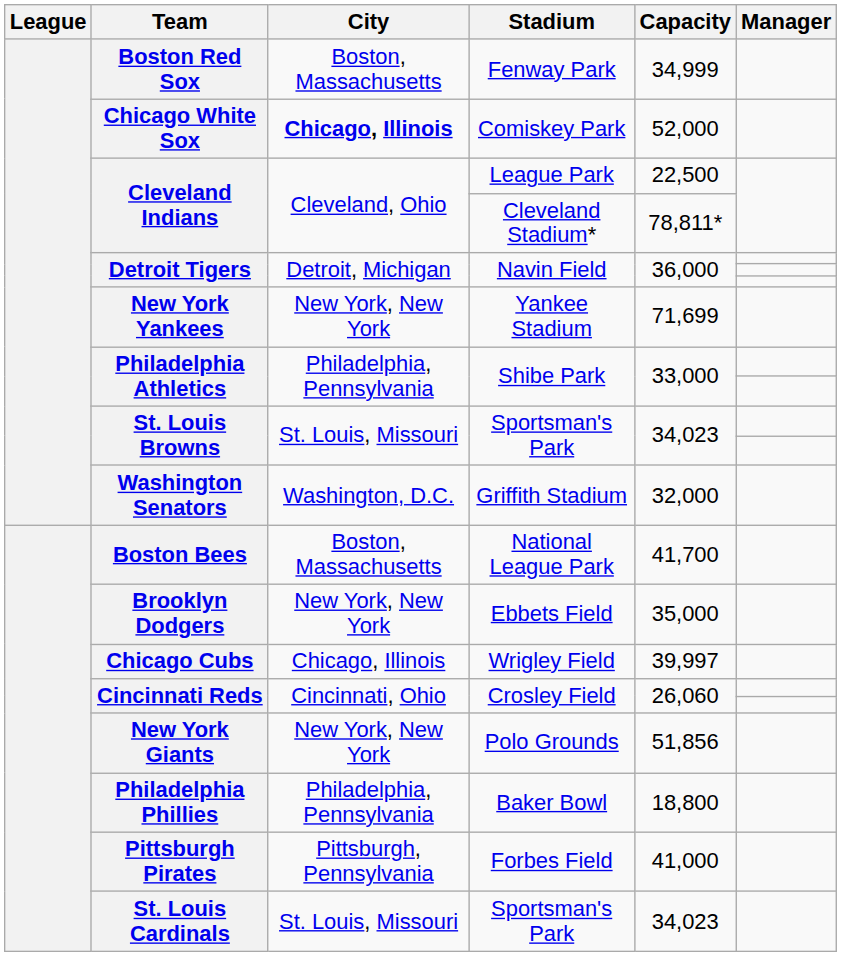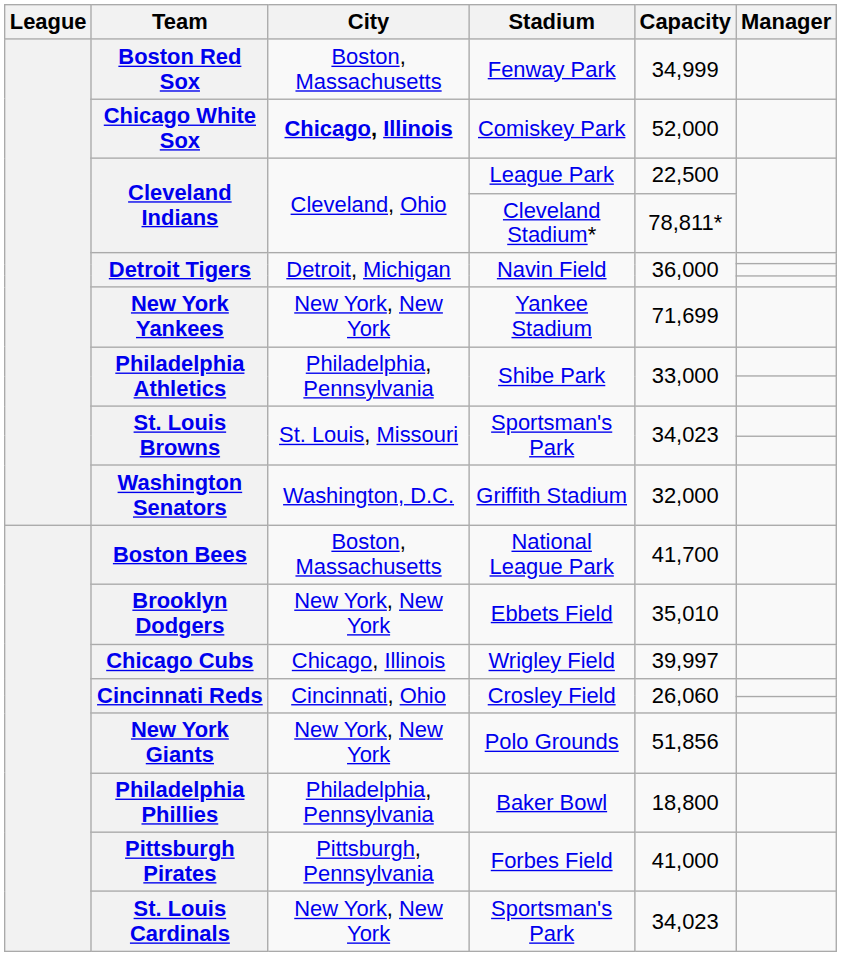 <table class="wikitable sortable plainrowheaders" style="text-align:center;">
 <tr>
 <th scope="col">League</th>
 <th scope="col">Team</th>
 <th scope="col">City</th>
 <th scope="col">Stadium</th>
 <th scope="col">Capacity</th>
 <th scope="col">Manager</th>
 </tr>
 <tr>
 <th rowspan="13"></th>
 <th scope="row"><a href='#'>Boston Red Sox</a></th>
 <td><a href='#'>Boston</a>, <a href='#'>Massachusetts</a></td>
 <td><a href='#'>Fenway Park</a></td>
 <td>34,999</td>
 <td></td>
 </tr>
 <tr>
 <th scope="row"><a href='#'>Chicago White Sox</a></th>
 <td><strong><a href='#'>Chicago</a>, <a href='#'>Illinois</a></strong></td>
 <td><a href='#'>Comiskey Park</a></td>
 <td>52,000</td>
 <td></td>
 </tr>
 <tr>
 <th rowspan="2" scope="row"><a href='#'>Cleveland Indians</a></th>
 <td rowspan="2"><a href='#'>Cleveland</a>, <a href='#'>Ohio</a></td>
 <td><a href='#'>League Park</a></td>
 <td>22,500</td>
 <td rowspan="2"></td>
 </tr>
 <tr>
 <td><a href='#'>Cleveland Stadium</a>*</td>
 <td>78,811*</td>
 </tr>
 <tr>
 <th rowspan="3" scope="row"><a href='#'>Detroit Tigers</a></th>
 <td rowspan="3"><a href='#'>Detroit</a>, <a href='#'>Michigan</a></td>
 <td rowspan="3"><a href='#'>Navin Field</a></td>
 <td rowspan="3">36,000</td>
 <td></td>
 </tr>
 <tr>
 <td></td>
 </tr>
 <tr>
 <td></td>
 </tr>
 <tr>
 <th scope="row"><a href='#'>New York Yankees</a></th>
 <td><a href='#'>New York</a>, <a href='#'>New York</a></td>
 <td><a href='#'>Yankee Stadium</a></td>
 <td>71,699</td>
 <td></td>
 </tr>
 <tr>
 <th rowspan="2" scope="row"><a href='#'>Philadelphia Athletics</a></th>
 <td rowspan="2"><a href='#'>Philadelphia</a>, <a href='#'>Pennsylvania</a></td>
 <td rowspan="2"><a href='#'>Shibe Park</a></td>
 <td rowspan="2">33,000</td>
 <td></td>
 </tr>
 <tr>
 <td></td>
 </tr>
 <tr>
 <th rowspan="2" scope="row"><a href='#'>St. Louis Browns</a></th>
 <td rowspan="2"><a href='#'>St. Louis</a>, <a href='#'>Missouri</a></td>
 <td rowspan="2"><a href='#'>Sportsman's Park</a></td>
 <td rowspan="2">34,023</td>
 <td></td>
 </tr>
 <tr>
 <td></td>
 </tr>
 <tr>
 <th scope="row"><a href='#'>Washington Senators</a></th>
 <td><a href='#'>Washington, D.C.</a></td>
 <td><a href='#'>Griffith Stadium</a></td>
 <td>32,000</td>
 <td></td>
 </tr>
 <tr>
 <th rowspan="9"></th>
 <th scope="row"><a href='#'>Boston Bees</a></th>
 <td><a href='#'>Boston</a>, <a href='#'>Massachusetts</a></td>
 <td><a href='#'>National League Park</a></td>
 <td>41,700</td>
 <td></td>
 </tr>
 <tr>
 <th scope="row"><a href='#'>Brooklyn Dodgers</a></th>
 <td><a href='#'>New York</a>, <a href='#'>New York</a></td>
 <td><a href='#'>Ebbets Field</a></td>
-<td>35,000</td>
+<td>35,010</td>
 <td></td>
 </tr>
 <tr>
 <th scope="row"><a href='#'>Chicago Cubs</a></th>
 <td><a href='#'>Chicago</a>, <a href='#'>Illinois</a></td>
 <td><a href='#'>Wrigley Field</a></td>
 <td>39,997</td>
 <td></td>
 </tr>
 <tr>
 <th rowspan="2" scope="row"><a href='#'>Cincinnati Reds</a></th>
 <td rowspan="2"><a href='#'>Cincinnati</a>, <a href='#'>Ohio</a></td>
 <td rowspan="2"><a href='#'>Crosley Field</a></td>
 <td rowspan="2">26,060</td>
 <td></td>
 </tr>
 <tr>
 <td></td>
 </tr>
 <tr>
 <th scope="row"><a href='#'>New York Giants</a></th>
 <td><a href='#'>New York</a>, <a href='#'>New York</a></td>
 <td><a href='#'>Polo Grounds</a></td>
 <td>51,856</td>
 <td></td>
 </tr>
 <tr>
 <th scope="row"><a href='#'>Philadelphia Phillies</a></th>
 <td><a href='#'>Philadelphia</a>, <a href='#'>Pennsylvania</a></td>
 <td><a href='#'>Baker Bowl</a></td>
 <td>18,800</td>
 <td></td>
 </tr>
 <tr>
 <th scope="row"><a href='#'>Pittsburgh Pirates</a></th>
 <td><a href='#'>Pittsburgh</a>, <a href='#'>Pennsylvania</a></td>
 <td><a href='#'>Forbes Field</a></td>
 <td>41,000</td>
 <td></td>
 </tr>
 <tr>
 <th scope="row"><a href='#'>St. Louis Cardinals</a></th>
-<td><a href='#'>St. Louis</a>, <a href='#'>Missouri</a></td>
+<td><a href='#'>New York</a>, <a href='#'>New York</a></td>
 <td><a href='#'>Sportsman's Park</a></td>
 <td>34,023</td>
 <td></td>
 </tr>
 </table>
